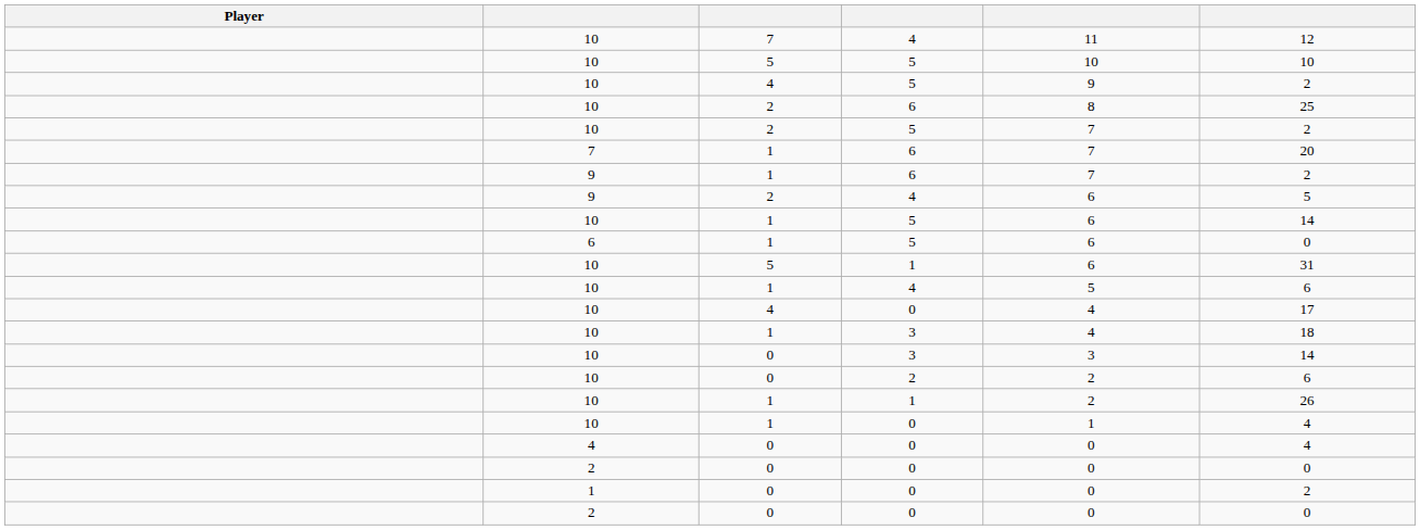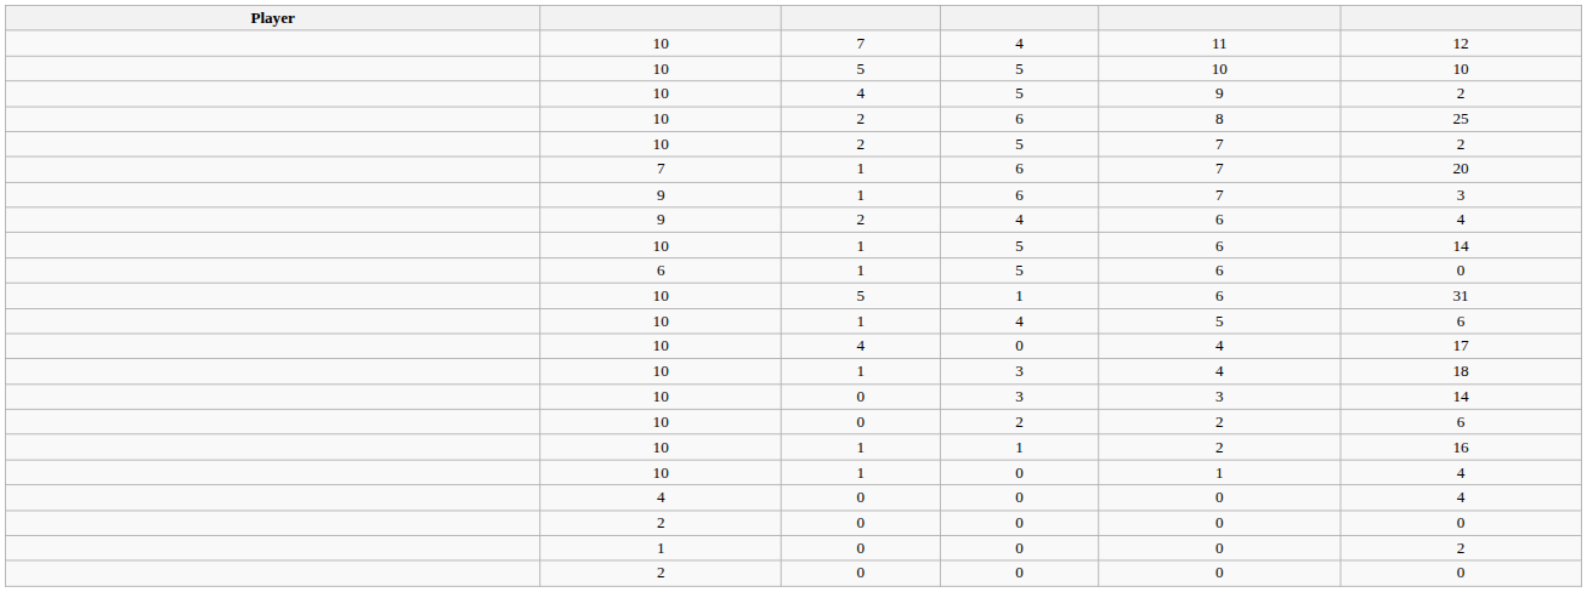 <table class="wikitable sortable" style="width:100%;">
 <tr align=center>
 <th>Player</th>
 <th></th>
 <th></th>
 <th></th>
 <th></th>
 <th></th>
 </tr>
 <tr align=center>
 <td></td>
 <td>10</td>
 <td>7</td>
 <td>4</td>
 <td>11</td>
 <td>12</td>
 </tr>
 <tr align=center>
 <td></td>
 <td>10</td>
 <td>5</td>
 <td>5</td>
 <td>10</td>
 <td>10</td>
 </tr>
 <tr align=center>
 <td></td>
 <td>10</td>
 <td>4</td>
 <td>5</td>
 <td>9</td>
 <td>2</td>
 </tr>
 <tr align=center>
 <td></td>
 <td>10</td>
 <td>2</td>
 <td>6</td>
 <td>8</td>
 <td>25</td>
 </tr>
 <tr align=center>
 <td></td>
 <td>10</td>
 <td>2</td>
 <td>5</td>
 <td>7</td>
 <td>2</td>
 </tr>
 <tr align=center>
 <td></td>
 <td>7</td>
 <td>1</td>
 <td>6</td>
 <td>7</td>
 <td>20</td>
 </tr>
 <tr align=center>
 <td></td>
 <td>9</td>
 <td>1</td>
 <td>6</td>
 <td>7</td>
-<td>2</td>
+<td>3</td>
 </tr>
 <tr align=center>
 <td></td>
 <td>9</td>
 <td>2</td>
 <td>4</td>
 <td>6</td>
-<td>5</td>
+<td>4</td>
 </tr>
 <tr align=center>
 <td></td>
 <td>10</td>
 <td>1</td>
 <td>5</td>
 <td>6</td>
 <td>14</td>
 </tr>
 <tr align=center>
 <td></td>
 <td>6</td>
 <td>1</td>
 <td>5</td>
 <td>6</td>
 <td>0</td>
 </tr>
 <tr align=center>
 <td></td>
 <td>10</td>
 <td>5</td>
 <td>1</td>
 <td>6</td>
 <td>31</td>
 </tr>
 <tr align=center>
 <td></td>
 <td>10</td>
 <td>1</td>
 <td>4</td>
 <td>5</td>
 <td>6</td>
 </tr>
 <tr align=center>
 <td></td>
 <td>10</td>
 <td>4</td>
 <td>0</td>
 <td>4</td>
 <td>17</td>
 </tr>
 <tr align=center>
 <td></td>
 <td>10</td>
 <td>1</td>
 <td>3</td>
 <td>4</td>
 <td>18</td>
 </tr>
 <tr align=center>
 <td></td>
 <td>10</td>
 <td>0</td>
 <td>3</td>
 <td>3</td>
 <td>14</td>
 </tr>
 <tr align=center>
 <td></td>
 <td>10</td>
 <td>0</td>
 <td>2</td>
 <td>2</td>
 <td>6</td>
 </tr>
 <tr align=center>
 <td></td>
 <td>10</td>
 <td>1</td>
 <td>1</td>
 <td>2</td>
-<td>26</td>
+<td>16</td>
 </tr>
 <tr align=center>
 <td></td>
 <td>10</td>
 <td>1</td>
 <td>0</td>
 <td>1</td>
 <td>4</td>
 </tr>
 <tr align=center>
 <td></td>
 <td>4</td>
 <td>0</td>
 <td>0</td>
 <td>0</td>
 <td>4</td>
 </tr>
 <tr align=center>
 <td></td>
 <td>2</td>
 <td>0</td>
 <td>0</td>
 <td>0</td>
 <td>0</td>
 </tr>
 <tr align=center>
 <td></td>
 <td>1</td>
 <td>0</td>
 <td>0</td>
 <td>0</td>
 <td>2</td>
 </tr>
 <tr align=center>
 <td></td>
 <td>2</td>
 <td>0</td>
 <td>0</td>
 <td>0</td>
 <td>0</td>
 </tr>
 </table>
